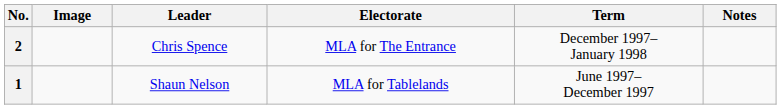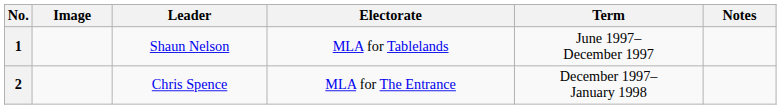 <table class="wikitable" style="text-align:center">
 <tr>
 <th width=2%>No.</th>
 <th>Image</th>
 <th style="width:20%;">Leader</th>
 <th>Electorate</th>
 <th>Term</th>
 <th>Notes</th>
 </tr>
 <tr>
+<th style="background:">1</th>
+<td></td>
+<td><a href='#'>Shaun Nelson</a></td>
+<td><a href='#'>MLA</a> for <a href='#'>Tablelands</a><br></td>
+<td>June 1997–<br>December 1997</td>
+<td></td>
+</tr>
+<tr>
 <th style="background:">2</th>
 <td></td>
 <td><a href='#'>Chris Spence</a></td>
 <td><a href='#'>MLA</a> for <a href='#'>The Entrance</a><br></td>
 <td>December 1997–<br>January 1998</td>
 <td></td>
 </tr>
-<tr>
-<th style="background:">1</th>
-<td></td>
-<td><a href='#'>Shaun Nelson</a></td>
-<td><a href='#'>MLA</a> for <a href='#'>Tablelands</a><br></td>
-<td>June 1997–<br>December 1997</td>
-<td></td>
-</tr>
 </table>
